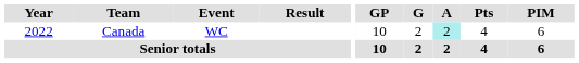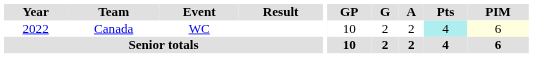 <table border="0" cellpadding="1" cellspacing="0" ID="Table3" style="text-align:center; width:40em">
 <tr bgcolor="#e0e0e0">
 <th>Year</th>
 <th>Team</th>
 <th>Event</th>
 <th>Result</th>
 <th rowspan="99" bgcolor="#ffffff"></th>
 <th>GP</th>
 <th>G</th>
 <th>A</th>
 <th>Pts</th>
 <th>PIM</th>
 </tr>
 <tr>
 <td><a href='#'>2022</a></td>
 <td><a href='#'>Canada</a></td>
 <td><a href='#'>WC</a></td>
 <td></td>
 <td>10</td>
 <td>2</td>
-<td style="background: paleturquoise;">2</td>
-<td>4</td>
-<td>6</td>
+<td>2</td>
+<td style="background: paleturquoise;">4</td>
+<td style="background: lightyellow;">6</td>
 </tr>
 <tr bgcolor="#e0e0e0">
 <th colspan="4">Senior totals</th>
 <th>10</th>
 <th>2</th>
 <th>2</th>
 <th>4</th>
 <th>6</th>
 </tr>
 </table>
